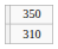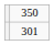 <table class="wikitable">
 <tr>
 <th></th>
 <td style="padding-left: 1em; padding-right: 1em;">350</td>
 </tr>
 <tr>
 <th></th>
-<td style="padding-left: 1em; padding-right: 1em;">310</td>
+<td style="padding-left: 1em; padding-right: 1em;">301</td>
 </tr>
 </table>
